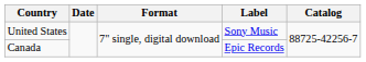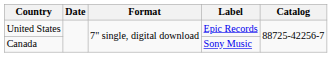 <table class="wikitable">
 <tr>
 <th>Country</th>
 <th>Date</th>
 <th>Format</th>
 <th>Label</th>
 <th>Catalog</th>
 </tr>
 <tr>
 <td>United States</td>
 <td rowspan="2"></td>
 <td rowspan="2">7" single, digital download</td>
-<td><a href='#'>Sony Music</a></td>
+<td><a href='#'>Epic Records</a></td>
 <td rowspan="2">88725-42256-7</td>
 </tr>
 <tr>
 <td>Canada</td>
-<td><a href='#'>Epic Records</a></td>
+<td><a href='#'>Sony Music</a></td>
 </tr>
 </table>
